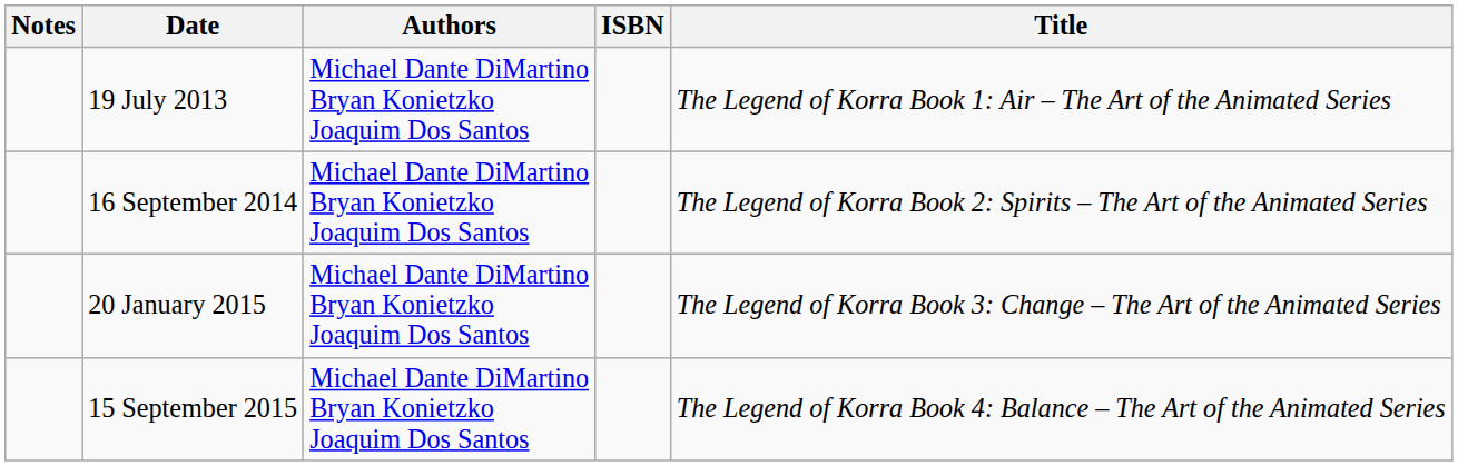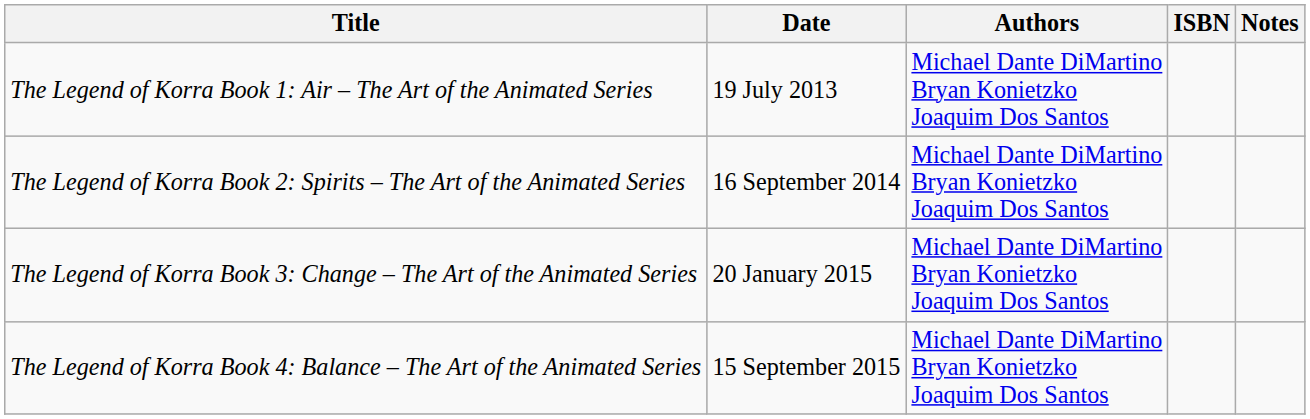 <table class="wikitable">
 <tr>
-<th>Notes</th>
+<th>Title</th>
 <th>Date</th>
 <th>Authors</th>
 <th>ISBN</th>
-<th>Title</th>
+<th>Notes</th>
 </tr>
 <tr>
-<td></td>
+<td><em>The Legend of Korra Book 1: Air – The Art of the Animated Series</em></td>
 <td>19 July 2013</td>
 <td><a href='#'>Michael Dante DiMartino</a><br><a href='#'>Bryan Konietzko</a><br><a href='#'>Joaquim Dos Santos</a></td>
 <td></td>
-<td><em>The Legend of Korra Book 1: Air – The Art of the Animated Series</em></td>
+<td></td>
 </tr>
 <tr>
-<td></td>
+<td><em>The Legend of Korra Book 2: Spirits – The Art of the Animated Series</em></td>
 <td>16 September 2014</td>
 <td><a href='#'>Michael Dante DiMartino</a><br><a href='#'>Bryan Konietzko</a><br><a href='#'>Joaquim Dos Santos</a></td>
 <td></td>
-<td><em>The Legend of Korra Book 2: Spirits – The Art of the Animated Series</em></td>
+<td></td>
 </tr>
 <tr>
-<td></td>
+<td><em>The Legend of Korra Book 3: Change – The Art of the Animated Series</em></td>
 <td>20 January 2015</td>
 <td><a href='#'>Michael Dante DiMartino</a><br><a href='#'>Bryan Konietzko</a><br><a href='#'>Joaquim Dos Santos</a></td>
 <td></td>
-<td><em>The Legend of Korra Book 3: Change – The Art of the Animated Series</em></td>
+<td></td>
 </tr>
 <tr>
-<td></td>
+<td><em>The Legend of Korra Book 4: Balance – The Art of the Animated Series</em></td>
 <td>15 September 2015</td>
 <td><a href='#'>Michael Dante DiMartino</a><br><a href='#'>Bryan Konietzko</a><br><a href='#'>Joaquim Dos Santos</a></td>
 <td></td>
-<td><em>The Legend of Korra Book 4: Balance – The Art of the Animated Series</em></td>
+<td></td>
 </tr>
 </table>
